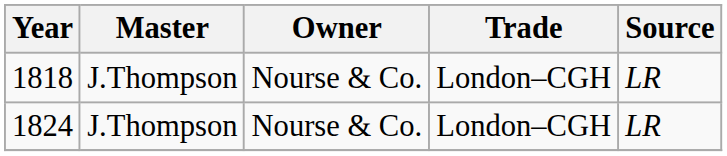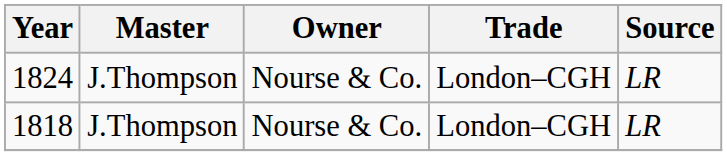 <table class=" wikitable">
 <tr>
 <th>Year</th>
 <th>Master</th>
 <th>Owner</th>
 <th>Trade</th>
 <th>Source</th>
 </tr>
 <tr>
-<td>1818</td>
+<td>1824</td>
 <td>J.Thompson</td>
 <td>Nourse & Co.</td>
 <td>London–CGH</td>
 <td><em>LR</em></td>
 </tr>
 <tr>
-<td>1824</td>
+<td>1818</td>
 <td>J.Thompson</td>
 <td>Nourse & Co.</td>
 <td>London–CGH</td>
 <td><em>LR</em></td>
 </tr>
 <tr>
 </tr>
 </table>
